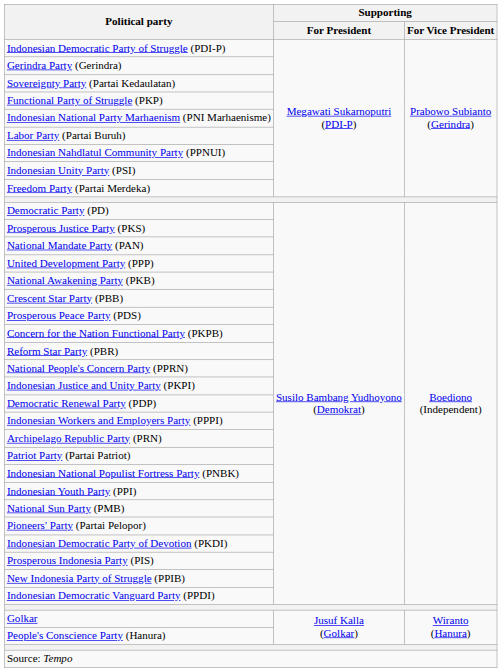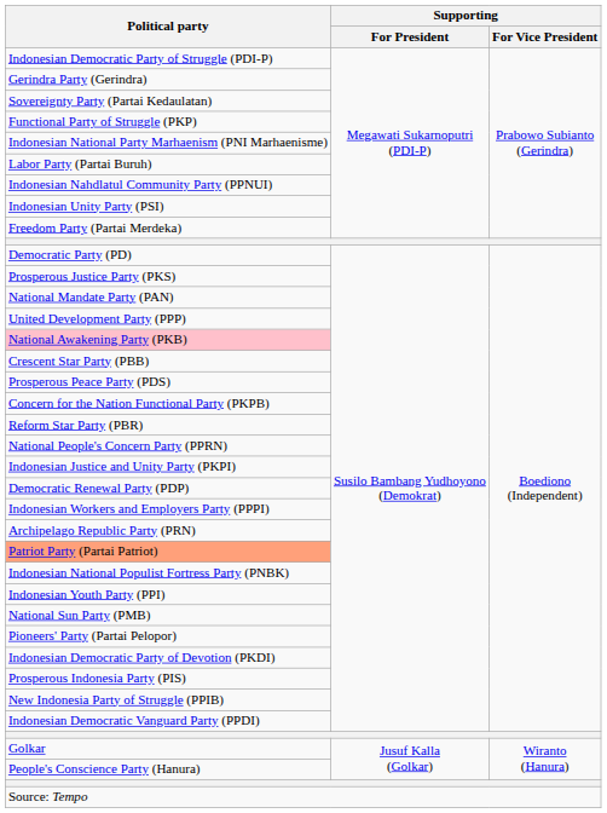 <table class="wikitable">
 <tr>
 <th rowspan="2">Political party</th>
 <th colspan="2">Supporting</th>
 </tr>
 <tr>
 <th>For President</th>
 <th>For Vice President</th>
 </tr>
 <tr>
 <td><a href='#'>Indonesian Democratic Party of Struggle</a> (PDI-P)</td>
 <td rowspan="9" align=center><a href='#'>Megawati Sukarnoputri</a><br>(<a href='#'>PDI-P</a>)</td>
 <td rowspan="9" align=center><a href='#'>Prabowo Subianto</a><br>(<a href='#'>Gerindra</a>)</td>
 </tr>
 <tr>
 <td><a href='#'>Gerindra Party</a> (Gerindra)</td>
 </tr>
 <tr>
 <td><a href='#'>Sovereignty Party</a> (Partai Kedaulatan)</td>
 </tr>
 <tr>
 <td><a href='#'>Functional Party of Struggle</a> (PKP)</td>
 </tr>
 <tr>
 <td><a href='#'>Indonesian National Party Marhaenism</a> (PNI Marhaenisme)</td>
 </tr>
 <tr>
 <td><a href='#'>Labor Party</a> (Partai Buruh)</td>
 </tr>
 <tr>
 <td><a href='#'>Indonesian Nahdlatul Community Party</a> (PPNUI)</td>
 </tr>
 <tr>
 <td><a href='#'>Indonesian Unity Party</a> (PSI)</td>
 </tr>
 <tr>
 <td><a href='#'>Freedom Party</a> (Partai Merdeka)</td>
 </tr>
 <tr>
 <th colspan="3"></th>
 </tr>
 <tr>
 <td><a href='#'>Democratic Party</a> (PD)</td>
 <td rowspan="23" align=center><a href='#'>Susilo Bambang Yudhoyono</a><br>(<a href='#'>Demokrat</a>)</td>
 <td rowspan="23" align=center><a href='#'>Boediono</a><br>(Independent)</td>
 </tr>
 <tr>
 <td><a href='#'>Prosperous Justice Party</a> (PKS)</td>
 </tr>
 <tr>
 <td><a href='#'>National Mandate Party</a> (PAN)</td>
 </tr>
 <tr>
 <td><a href='#'>United Development Party</a> (PPP)</td>
 </tr>
 <tr>
-<td><a href='#'>National Awakening Party</a> (PKB)</td>
+<td style="background: pink;"><a href='#'>National Awakening Party</a> (PKB)</td>
 </tr>
 <tr>
 <td><a href='#'>Crescent Star Party</a> (PBB)</td>
 </tr>
 <tr>
 <td><a href='#'>Prosperous Peace Party</a> (PDS)</td>
 </tr>
 <tr>
 <td><a href='#'>Concern for the Nation Functional Party</a> (PKPB)</td>
 </tr>
 <tr>
 <td><a href='#'>Reform Star Party</a> (PBR)</td>
 </tr>
 <tr>
 <td><a href='#'>National People's Concern Party</a> (PPRN)</td>
 </tr>
 <tr>
 <td><a href='#'>Indonesian Justice and Unity Party</a> (PKPI)</td>
 </tr>
 <tr>
 <td><a href='#'>Democratic Renewal Party</a> (PDP)</td>
 </tr>
 <tr>
 <td><a href='#'>Indonesian Workers and Employers Party</a> (PPPI)</td>
 </tr>
 <tr>
 <td><a href='#'>Archipelago Republic Party</a> (PRN)</td>
 </tr>
 <tr>
-<td><a href='#'>Patriot Party</a> (Partai Patriot)</td>
+<td style="background: lightsalmon;"><a href='#'>Patriot Party</a> (Partai Patriot)</td>
 </tr>
 <tr>
 <td><a href='#'>Indonesian National Populist Fortress Party</a> (PNBK)</td>
 </tr>
 <tr>
 <td><a href='#'>Indonesian Youth Party</a> (PPI)</td>
 </tr>
 <tr>
 <td><a href='#'>National Sun Party</a> (PMB)</td>
 </tr>
 <tr>
 <td><a href='#'>Pioneers' Party</a> (Partai Pelopor)</td>
 </tr>
 <tr>
 <td><a href='#'>Indonesian Democratic Party of Devotion</a> (PKDI)</td>
 </tr>
 <tr>
 <td><a href='#'>Prosperous Indonesia Party</a> (PIS)</td>
 </tr>
 <tr>
 <td><a href='#'>New Indonesia Party of Struggle</a> (PPIB)</td>
 </tr>
 <tr>
 <td><a href='#'>Indonesian Democratic Vanguard Party</a> (PPDI)</td>
 </tr>
 <tr>
 <th colspan="3"></th>
 </tr>
 <tr>
 <td><a href='#'>Golkar</a></td>
 <td rowspan="2" align=center><a href='#'>Jusuf Kalla</a><br>(<a href='#'>Golkar</a>)</td>
 <td rowspan="2" align=center><a href='#'>Wiranto</a><br>(<a href='#'>Hanura</a>)</td>
 </tr>
 <tr>
 <td><a href='#'>People's Conscience Party</a> (Hanura)</td>
 </tr>
 <tr>
 <th colspan="3"></th>
 </tr>
 <tr>
 <td colspan="3">Source: <em>Tempo</em></td>
 </tr>
 </table>
